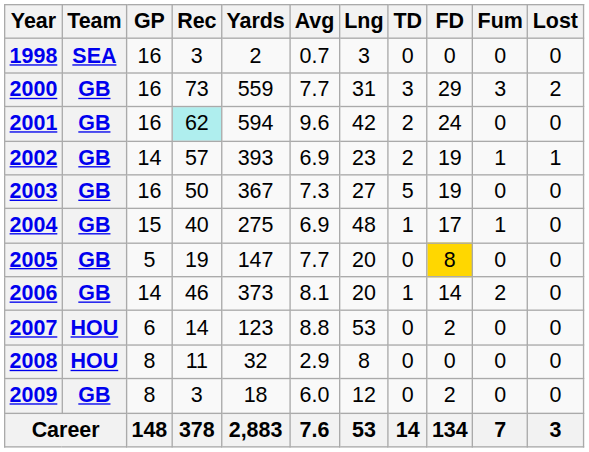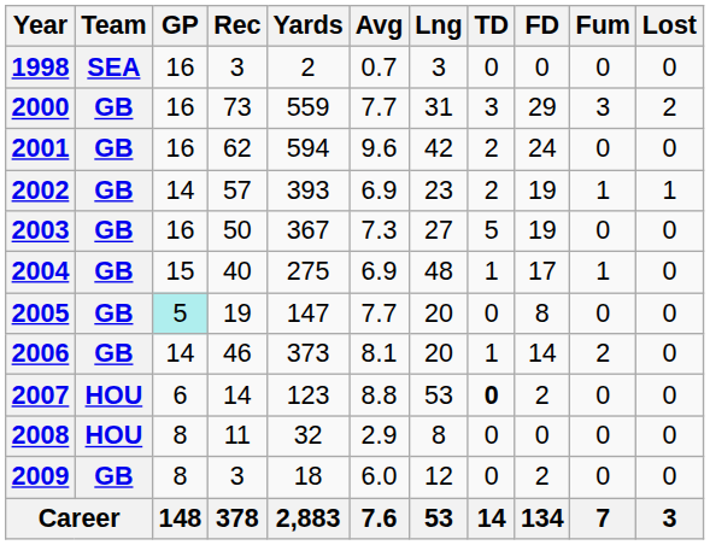 <table class=wikitable style="text-align:center;">
 <tr>
 <th>Year</th>
 <th>Team</th>
 <th>GP</th>
 <th>Rec</th>
 <th>Yards</th>
 <th>Avg</th>
 <th>Lng</th>
 <th>TD</th>
 <th>FD</th>
 <th>Fum</th>
 <th>Lost</th>
 </tr>
 <tr>
 <th><a href='#'>1998</a></th>
 <th><a href='#'>SEA</a></th>
 <td>16</td>
 <td>3</td>
 <td>2</td>
 <td>0.7</td>
 <td>3</td>
 <td>0</td>
 <td>0</td>
 <td>0</td>
 <td>0</td>
 </tr>
 <tr>
 <th><a href='#'>2000</a></th>
 <th><a href='#'>GB</a></th>
 <td>16</td>
 <td>73</td>
 <td>559</td>
 <td>7.7</td>
 <td>31</td>
 <td>3</td>
 <td>29</td>
 <td>3</td>
 <td>2</td>
 </tr>
 <tr>
 <th><a href='#'>2001</a></th>
 <th><a href='#'>GB</a></th>
 <td>16</td>
-<td style="background: paleturquoise;">62</td>
+<td>62</td>
 <td>594</td>
 <td>9.6</td>
 <td>42</td>
 <td>2</td>
 <td>24</td>
 <td>0</td>
 <td>0</td>
 </tr>
 <tr>
 <th><a href='#'>2002</a></th>
 <th><a href='#'>GB</a></th>
 <td>14</td>
 <td>57</td>
 <td>393</td>
 <td>6.9</td>
 <td>23</td>
 <td>2</td>
 <td>19</td>
 <td>1</td>
 <td>1</td>
 </tr>
 <tr>
 <th><a href='#'>2003</a></th>
 <th><a href='#'>GB</a></th>
 <td>16</td>
 <td>50</td>
 <td>367</td>
 <td>7.3</td>
 <td>27</td>
 <td>5</td>
 <td>19</td>
 <td>0</td>
 <td>0</td>
 </tr>
 <tr>
 <th><a href='#'>2004</a></th>
 <th><a href='#'>GB</a></th>
 <td>15</td>
 <td>40</td>
 <td>275</td>
 <td>6.9</td>
 <td>48</td>
 <td>1</td>
 <td>17</td>
 <td>1</td>
 <td>0</td>
 </tr>
 <tr>
 <th><a href='#'>2005</a></th>
 <th><a href='#'>GB</a></th>
-<td>5</td>
+<td style="background: paleturquoise;">5</td>
 <td>19</td>
 <td>147</td>
 <td>7.7</td>
 <td>20</td>
 <td>0</td>
-<td style="background: gold;">8</td>
+<td>8</td>
 <td>0</td>
 <td>0</td>
 </tr>
 <tr>
 <th><a href='#'>2006</a></th>
 <th><a href='#'>GB</a></th>
 <td>14</td>
 <td>46</td>
 <td>373</td>
 <td>8.1</td>
 <td>20</td>
 <td>1</td>
 <td>14</td>
 <td>2</td>
 <td>0</td>
 </tr>
 <tr>
 <th><a href='#'>2007</a></th>
 <th><a href='#'>HOU</a></th>
 <td>6</td>
 <td>14</td>
 <td>123</td>
 <td>8.8</td>
 <td>53</td>
-<td>0</td>
+<td><strong>0</strong></td>
 <td>2</td>
 <td>0</td>
 <td>0</td>
 </tr>
 <tr>
 <th><a href='#'>2008</a></th>
 <th><a href='#'>HOU</a></th>
 <td>8</td>
 <td>11</td>
 <td>32</td>
 <td>2.9</td>
 <td>8</td>
 <td>0</td>
 <td>0</td>
 <td>0</td>
 <td>0</td>
 </tr>
 <tr>
 <th><a href='#'>2009</a></th>
 <th><a href='#'>GB</a></th>
 <td>8</td>
 <td>3</td>
 <td>18</td>
 <td>6.0</td>
 <td>12</td>
 <td>0</td>
 <td>2</td>
 <td>0</td>
 <td>0</td>
 </tr>
 <tr>
 <th colspan="2">Career</th>
 <th>148</th>
 <th>378</th>
 <th>2,883</th>
 <th>7.6</th>
 <th>53</th>
 <th>14</th>
 <th>134</th>
 <th>7</th>
 <th>3</th>
 </tr>
 </table>
